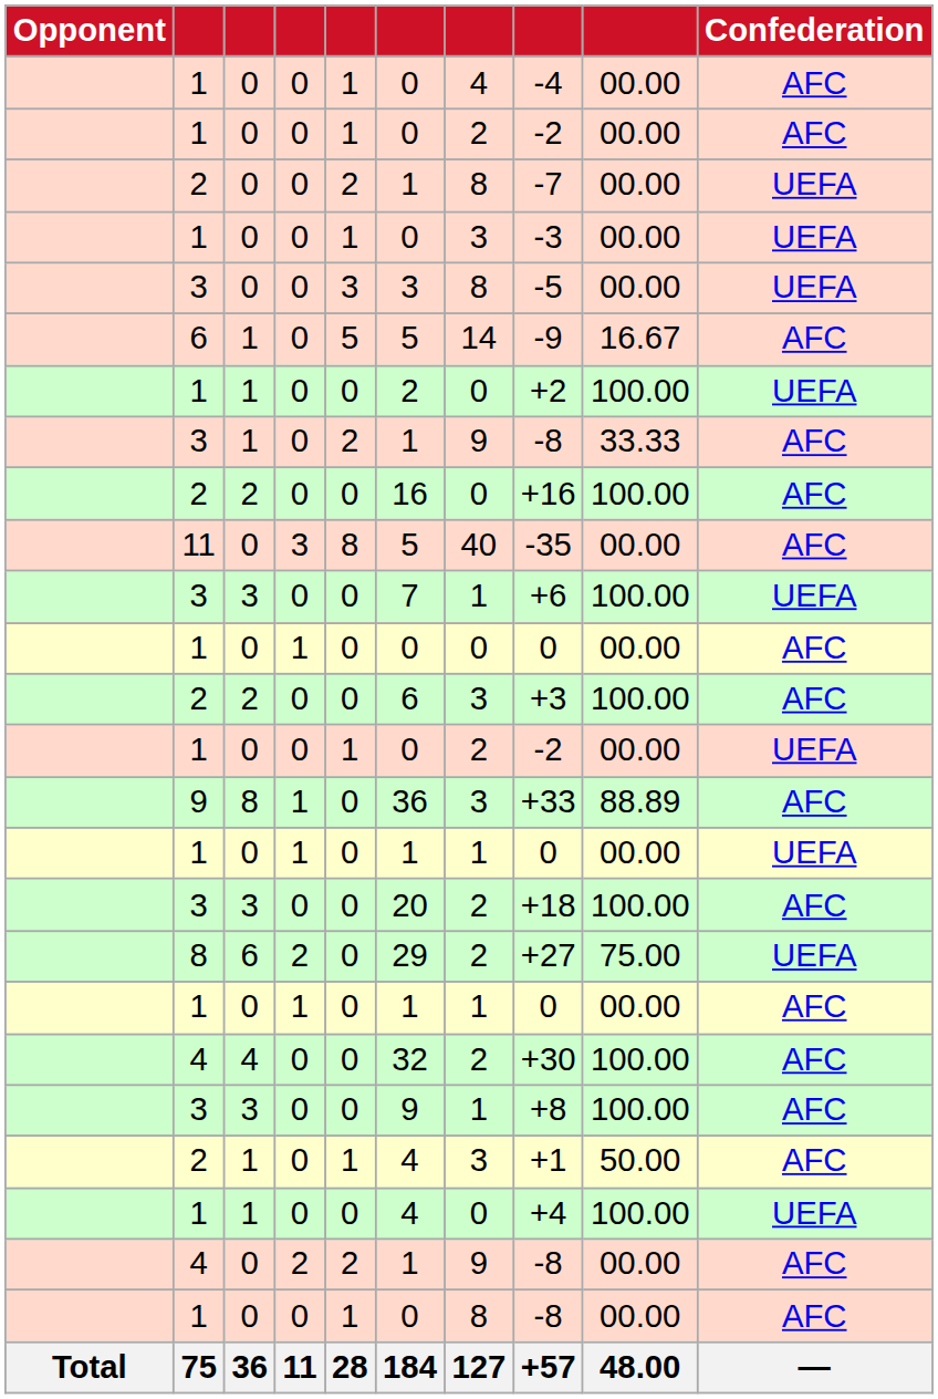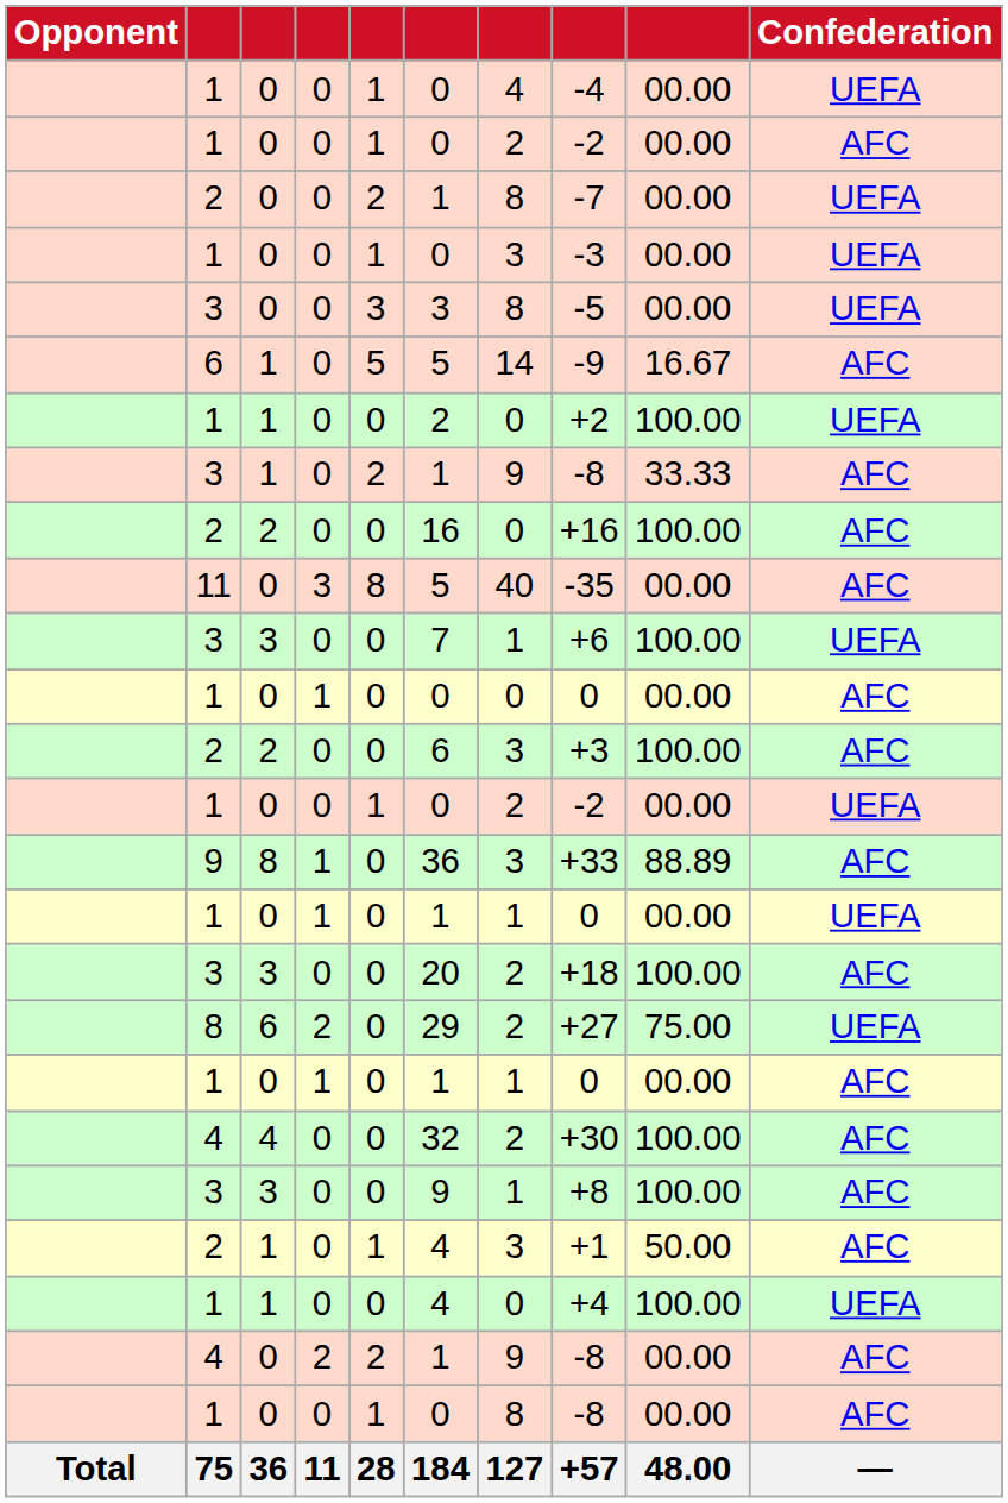 <table class="wikitable sortable" style="text-align:center;">
 <tr style="color:white">
 <th style="background-color:#CE1126;color:white">Opponent</th>
 <th style="background-color:#CE1126;"></th>
 <th style="background-color:#CE1126;"></th>
 <th style="background-color:#CE1126;"></th>
 <th style="background-color:#CE1126;"></th>
 <th style="background-color:#CE1126;"></th>
 <th style="background-color:#CE1126;"></th>
 <th style="background-color:#CE1126;"></th>
 <th style="background-color:#CE1126;"></th>
 <th style="background-color:#CE1126;color:white">Confederation</th>
 </tr>
 <tr bgcolor=FFDACC>
 <td style="text-align:left;"></td>
 <td>1</td>
 <td>0</td>
 <td>0</td>
 <td>1</td>
 <td>0</td>
 <td>4</td>
 <td>-4</td>
 <td>00.00</td>
-<td><a href='#'>AFC</a></td>
+<td><a href='#'>UEFA</a></td>
 </tr>
 <tr bgcolor=FFDACC>
 <td style="text-align:left;"></td>
 <td>1</td>
 <td>0</td>
 <td>0</td>
 <td>1</td>
 <td>0</td>
 <td>2</td>
 <td>-2</td>
 <td>00.00</td>
 <td><a href='#'>AFC</a></td>
 </tr>
 <tr bgcolor=FFDACC>
 <td style="text-align:left;"></td>
 <td>2</td>
 <td>0</td>
 <td>0</td>
 <td>2</td>
 <td>1</td>
 <td>8</td>
 <td>-7</td>
 <td>00.00</td>
 <td><a href='#'>UEFA</a></td>
 </tr>
 <tr bgcolor=FFDACC>
 <td style="text-align:left;"></td>
 <td>1</td>
 <td>0</td>
 <td>0</td>
 <td>1</td>
 <td>0</td>
 <td>3</td>
 <td>-3</td>
 <td>00.00</td>
 <td><a href='#'>UEFA</a></td>
 </tr>
 <tr bgcolor=FFDACC>
 <td style="text-align:left;"></td>
 <td>3</td>
 <td>0</td>
 <td>0</td>
 <td>3</td>
 <td>3</td>
 <td>8</td>
 <td>-5</td>
 <td>00.00</td>
 <td><a href='#'>UEFA</a></td>
 </tr>
 <tr bgcolor=FFDACC>
 <td style="text-align:left;"></td>
 <td>6</td>
 <td>1</td>
 <td>0</td>
 <td>5</td>
 <td>5</td>
 <td>14</td>
 <td>-9</td>
 <td>16.67</td>
 <td><a href='#'>AFC</a></td>
 </tr>
 <tr bgcolor=CCFFCC>
 <td style="text-align:left;"></td>
 <td>1</td>
 <td>1</td>
 <td>0</td>
 <td>0</td>
 <td>2</td>
 <td>0</td>
 <td>+2</td>
 <td>100.00</td>
 <td><a href='#'>UEFA</a></td>
 </tr>
 <tr bgcolor=FFDACC>
 <td style="text-align:left;"></td>
 <td>3</td>
 <td>1</td>
 <td>0</td>
 <td>2</td>
 <td>1</td>
 <td>9</td>
 <td>-8</td>
 <td>33.33</td>
 <td><a href='#'>AFC</a></td>
 </tr>
 <tr bgcolor=CCFFCC>
 <td style="text-align:left;"></td>
 <td>2</td>
 <td>2</td>
 <td>0</td>
 <td>0</td>
 <td>16</td>
 <td>0</td>
 <td>+16</td>
 <td>100.00</td>
 <td><a href='#'>AFC</a></td>
 </tr>
 <tr bgcolor=FFDACC>
 <td style="text-align:left;"></td>
 <td>11</td>
 <td>0</td>
 <td>3</td>
 <td>8</td>
 <td>5</td>
 <td>40</td>
 <td>-35</td>
 <td>00.00</td>
 <td><a href='#'>AFC</a></td>
 </tr>
 <tr bgcolor=CCFFCC>
 <td style="text-align:left;"></td>
 <td>3</td>
 <td>3</td>
 <td>0</td>
 <td>0</td>
 <td>7</td>
 <td>1</td>
 <td>+6</td>
 <td>100.00</td>
 <td><a href='#'>UEFA</a></td>
 </tr>
 <tr bgcolor=FFFFCC>
 <td style="text-align:left;"></td>
 <td>1</td>
 <td>0</td>
 <td>1</td>
 <td>0</td>
 <td>0</td>
 <td>0</td>
 <td>0</td>
 <td>00.00</td>
 <td><a href='#'>AFC</a></td>
 </tr>
 <tr bgcolor=CCFFCC>
 <td style="text-align:left;"></td>
 <td>2</td>
 <td>2</td>
 <td>0</td>
 <td>0</td>
 <td>6</td>
 <td>3</td>
 <td>+3</td>
 <td>100.00</td>
 <td><a href='#'>AFC</a></td>
 </tr>
 <tr bgcolor=FFDACC>
 <td style="text-align:left;"></td>
 <td>1</td>
 <td>0</td>
 <td>0</td>
 <td>1</td>
 <td>0</td>
 <td>2</td>
 <td>-2</td>
 <td>00.00</td>
 <td><a href='#'>UEFA</a></td>
 </tr>
 <tr bgcolor=CCFFCC>
 <td style="text-align:left;"></td>
 <td>9</td>
 <td>8</td>
 <td>1</td>
 <td>0</td>
 <td>36</td>
 <td>3</td>
 <td>+33</td>
 <td>88.89</td>
 <td><a href='#'>AFC</a></td>
 </tr>
 <tr bgcolor=FFFFCC>
 <td style="text-align:left;"></td>
 <td>1</td>
 <td>0</td>
 <td>1</td>
 <td>0</td>
 <td>1</td>
 <td>1</td>
 <td>0</td>
 <td>00.00</td>
 <td><a href='#'>UEFA</a></td>
 </tr>
 <tr bgcolor=CCFFCC>
 <td style="text-align:left;"></td>
 <td>3</td>
 <td>3</td>
 <td>0</td>
 <td>0</td>
 <td>20</td>
 <td>2</td>
 <td>+18</td>
 <td>100.00</td>
 <td><a href='#'>AFC</a></td>
 </tr>
 <tr bgcolor=CCFFCC>
 <td style="text-align:left;"></td>
 <td>8</td>
 <td>6</td>
 <td>2</td>
 <td>0</td>
 <td>29</td>
 <td>2</td>
 <td>+27</td>
 <td>75.00</td>
 <td><a href='#'>UEFA</a></td>
 </tr>
 <tr bgcolor=FFFFCC>
 <td style="text-align:left;"></td>
 <td>1</td>
 <td>0</td>
 <td>1</td>
 <td>0</td>
 <td>1</td>
 <td>1</td>
 <td>0</td>
 <td>00.00</td>
 <td><a href='#'>AFC</a></td>
 </tr>
 <tr bgcolor=CCFFCC>
 <td style="text-align:left;"></td>
 <td>4</td>
 <td>4</td>
 <td>0</td>
 <td>0</td>
 <td>32</td>
 <td>2</td>
 <td>+30</td>
 <td>100.00</td>
 <td><a href='#'>AFC</a></td>
 </tr>
 <tr bgcolor=CCFFCC>
 <td style="text-align:left;"></td>
 <td>3</td>
 <td>3</td>
 <td>0</td>
 <td>0</td>
 <td>9</td>
 <td>1</td>
 <td>+8</td>
 <td>100.00</td>
 <td><a href='#'>AFC</a></td>
 </tr>
 <tr bgcolor=FFFFCC>
 <td style="text-align:left;"></td>
 <td>2</td>
 <td>1</td>
 <td>0</td>
 <td>1</td>
 <td>4</td>
 <td>3</td>
 <td>+1</td>
 <td>50.00</td>
 <td><a href='#'>AFC</a></td>
 </tr>
 <tr bgcolor=CCFFCC>
 <td style="text-align:left;"></td>
 <td>1</td>
 <td>1</td>
 <td>0</td>
 <td>0</td>
 <td>4</td>
 <td>0</td>
 <td>+4</td>
 <td>100.00</td>
 <td><a href='#'>UEFA</a></td>
 </tr>
 <tr bgcolor=FFDACC>
 <td style="text-align:left;"></td>
 <td>4</td>
 <td>0</td>
 <td>2</td>
 <td>2</td>
 <td>1</td>
 <td>9</td>
 <td>-8</td>
 <td>00.00</td>
 <td><a href='#'>AFC</a></td>
 </tr>
 <tr bgcolor=FFDACC>
 <td style="text-align:left;"></td>
 <td>1</td>
 <td>0</td>
 <td>0</td>
 <td>1</td>
 <td>0</td>
 <td>8</td>
 <td>-8</td>
 <td>00.00</td>
 <td><a href='#'>AFC</a></td>
 </tr>
 <tr>
 <th>Total</th>
 <th>75</th>
 <th>36</th>
 <th>11</th>
 <th>28</th>
 <th>184</th>
 <th>127</th>
 <th>+57</th>
 <th>48.00</th>
 <th>—</th>
 </tr>
 </table>
